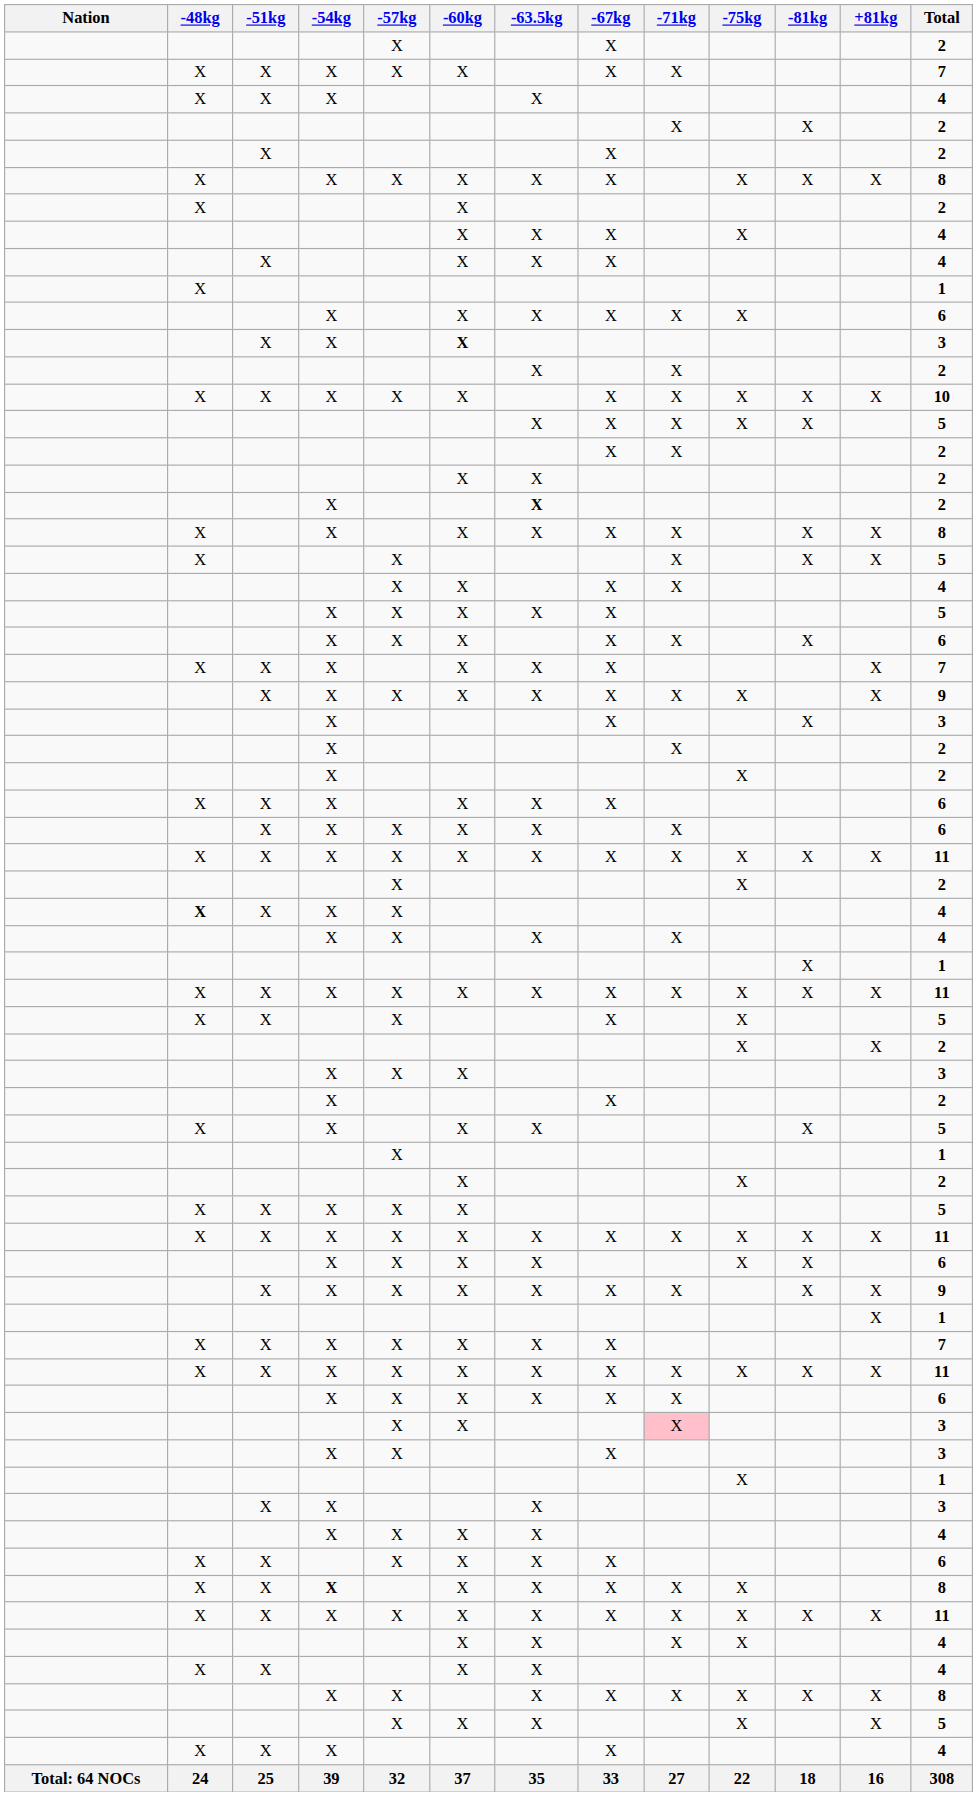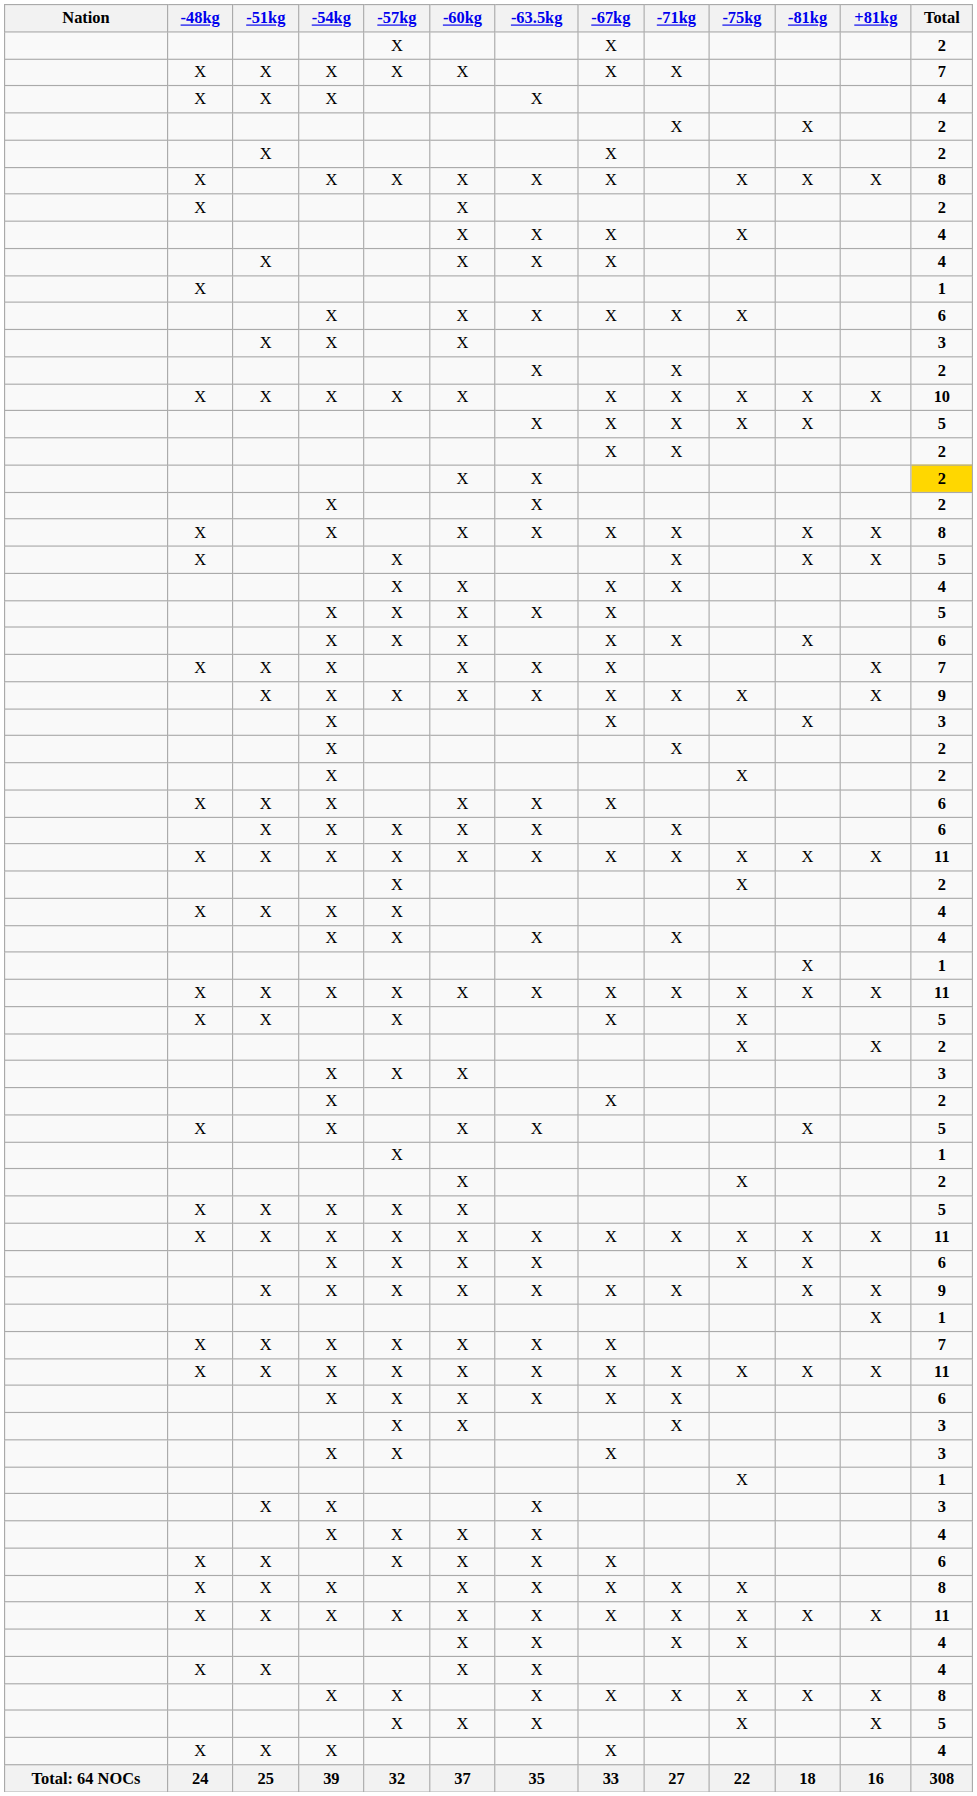 <table class="wikitable collapsible sortable" width=850  style="text-align:center; font-size:90%">
 <tr>
 <th>Nation</th>
 <th><a href='#'>-48kg</a></th>
 <th><a href='#'>-51kg</a></th>
 <th><a href='#'>-54kg</a></th>
 <th><a href='#'>-57kg</a></th>
 <th><a href='#'>-60kg</a></th>
 <th><a href='#'>-63.5kg</a></th>
 <th><a href='#'>-67kg</a></th>
 <th><a href='#'>-71kg</a></th>
 <th><a href='#'>-75kg</a></th>
 <th><a href='#'>-81kg</a></th>
 <th><a href='#'>+81kg</a></th>
 <th>Total</th>
 </tr>
 <tr>
 <td align="left"></td>
 <td></td>
 <td></td>
 <td></td>
 <td>X</td>
 <td></td>
 <td></td>
 <td>X</td>
 <td></td>
 <td></td>
 <td></td>
 <td></td>
 <td><strong>2</strong></td>
 </tr>
 <tr>
 <td align="left"></td>
 <td>X</td>
 <td>X</td>
 <td>X</td>
 <td>X</td>
 <td>X</td>
 <td></td>
 <td>X</td>
 <td>X</td>
 <td></td>
 <td></td>
 <td></td>
 <td><strong>7</strong></td>
 </tr>
 <tr>
 <td align="left"></td>
 <td>X</td>
 <td>X</td>
 <td>X</td>
 <td></td>
 <td></td>
 <td>X</td>
 <td></td>
 <td></td>
 <td></td>
 <td></td>
 <td></td>
 <td><strong>4</strong></td>
 </tr>
 <tr>
 <td align="left"></td>
 <td></td>
 <td></td>
 <td></td>
 <td></td>
 <td></td>
 <td></td>
 <td></td>
 <td>X</td>
 <td></td>
 <td>X</td>
 <td></td>
 <td><strong>2</strong></td>
 </tr>
 <tr>
 <td align="left"></td>
 <td></td>
 <td>X</td>
 <td></td>
 <td></td>
 <td></td>
 <td></td>
 <td>X</td>
 <td></td>
 <td></td>
 <td></td>
 <td></td>
 <td><strong>2</strong></td>
 </tr>
 <tr>
 <td align="left"></td>
 <td>X</td>
 <td></td>
 <td>X</td>
 <td>X</td>
 <td>X</td>
 <td>X</td>
 <td>X</td>
 <td></td>
 <td>X</td>
 <td>X</td>
 <td>X</td>
 <td><strong>8</strong></td>
 </tr>
 <tr>
 <td align="left"></td>
 <td>X</td>
 <td></td>
 <td></td>
 <td></td>
 <td>X</td>
 <td></td>
 <td></td>
 <td></td>
 <td></td>
 <td></td>
 <td></td>
 <td><strong>2</strong></td>
 </tr>
 <tr>
 <td align="left"></td>
 <td></td>
 <td></td>
 <td></td>
 <td></td>
 <td>X</td>
 <td>X</td>
 <td>X</td>
 <td></td>
 <td>X</td>
 <td></td>
 <td></td>
 <td><strong>4</strong></td>
 </tr>
 <tr>
 <td align="left"></td>
 <td></td>
 <td>X</td>
 <td></td>
 <td></td>
 <td>X</td>
 <td>X</td>
 <td>X</td>
 <td></td>
 <td></td>
 <td></td>
 <td></td>
 <td><strong>4</strong></td>
 </tr>
 <tr>
 <td align="left"></td>
 <td>X</td>
 <td></td>
 <td></td>
 <td></td>
 <td></td>
 <td></td>
 <td></td>
 <td></td>
 <td></td>
 <td></td>
 <td></td>
 <td><strong>1</strong></td>
 </tr>
 <tr>
 <td align="left"></td>
 <td></td>
 <td></td>
 <td>X</td>
 <td></td>
 <td>X</td>
 <td>X</td>
 <td>X</td>
 <td>X</td>
 <td>X</td>
 <td></td>
 <td></td>
 <td><strong>6</strong></td>
 </tr>
 <tr>
 <td align="left"></td>
 <td></td>
 <td>X</td>
 <td>X</td>
 <td></td>
-<td><strong>X</strong></td>
+<td>X</td>
 <td></td>
 <td></td>
 <td></td>
 <td></td>
 <td></td>
 <td></td>
 <td><strong>3</strong></td>
 </tr>
 <tr>
 <td align="left"></td>
 <td></td>
 <td></td>
 <td></td>
 <td></td>
 <td></td>
 <td>X</td>
 <td></td>
 <td>X</td>
 <td></td>
 <td></td>
 <td></td>
 <td><strong>2</strong></td>
 </tr>
 <tr>
 <td align="left"></td>
 <td>X</td>
 <td>X</td>
 <td>X</td>
 <td>X</td>
 <td>X</td>
 <td></td>
 <td>X</td>
 <td>X</td>
 <td>X</td>
 <td>X</td>
 <td>X</td>
 <td><strong>10</strong></td>
 </tr>
 <tr>
 <td align="left"></td>
 <td></td>
 <td></td>
 <td></td>
 <td></td>
 <td></td>
 <td>X</td>
 <td>X</td>
 <td>X</td>
 <td>X</td>
 <td>X</td>
 <td></td>
 <td><strong>5</strong></td>
 </tr>
 <tr>
 <td align="left"></td>
 <td></td>
 <td></td>
 <td></td>
 <td></td>
 <td></td>
 <td></td>
 <td>X</td>
 <td>X</td>
 <td></td>
 <td></td>
 <td></td>
 <td><strong>2</strong></td>
 </tr>
 <tr>
 <td align="left"></td>
 <td></td>
 <td></td>
 <td></td>
 <td></td>
 <td>X</td>
 <td>X</td>
 <td></td>
 <td></td>
 <td></td>
 <td></td>
 <td></td>
-<td><strong>2</strong></td>
+<td style="background: gold;"><strong>2</strong></td>
 </tr>
 <tr>
 <td align="left"></td>
 <td></td>
 <td></td>
 <td>X</td>
 <td></td>
 <td></td>
-<td><strong>X</strong></td>
+<td>X</td>
 <td></td>
 <td></td>
 <td></td>
 <td></td>
 <td></td>
 <td><strong>2</strong></td>
 </tr>
 <tr>
 <td align="left"></td>
 <td>X</td>
 <td></td>
 <td>X</td>
 <td></td>
 <td>X</td>
 <td>X</td>
 <td>X</td>
 <td>X</td>
 <td></td>
 <td>X</td>
 <td>X</td>
 <td><strong>8</strong></td>
 </tr>
 <tr>
 <td align="left"></td>
 <td>X</td>
 <td></td>
 <td></td>
 <td>X</td>
 <td></td>
 <td></td>
 <td></td>
 <td>X</td>
 <td></td>
 <td>X</td>
 <td>X</td>
 <td><strong>5</strong></td>
 </tr>
 <tr>
 <td align="left"></td>
 <td></td>
 <td></td>
 <td></td>
 <td>X</td>
 <td>X</td>
 <td></td>
 <td>X</td>
 <td>X</td>
 <td></td>
 <td></td>
 <td></td>
 <td><strong>4</strong></td>
 </tr>
 <tr>
 <td align="left"></td>
 <td></td>
 <td></td>
 <td>X</td>
 <td>X</td>
 <td>X</td>
 <td>X</td>
 <td>X</td>
 <td></td>
 <td></td>
 <td></td>
 <td></td>
 <td><strong>5</strong></td>
 </tr>
 <tr>
 <td align="left"></td>
 <td></td>
 <td></td>
 <td>X</td>
 <td>X</td>
 <td>X</td>
 <td></td>
 <td>X</td>
 <td>X</td>
 <td></td>
 <td>X</td>
 <td></td>
 <td><strong>6</strong></td>
 </tr>
 <tr>
 <td align="left"></td>
 <td>X</td>
 <td>X</td>
 <td>X</td>
 <td></td>
 <td>X</td>
 <td>X</td>
 <td>X</td>
 <td></td>
 <td></td>
 <td></td>
 <td>X</td>
 <td><strong>7</strong></td>
 </tr>
 <tr>
 <td align="left"></td>
 <td></td>
 <td>X</td>
 <td>X</td>
 <td>X</td>
 <td>X</td>
 <td>X</td>
 <td>X</td>
 <td>X</td>
 <td>X</td>
 <td></td>
 <td>X</td>
 <td><strong>9</strong></td>
 </tr>
 <tr>
 <td align="left"></td>
 <td></td>
 <td></td>
 <td>X</td>
 <td></td>
 <td></td>
 <td></td>
 <td>X</td>
 <td></td>
 <td></td>
 <td>X</td>
 <td></td>
 <td><strong>3</strong></td>
 </tr>
 <tr>
 <td align="left"></td>
 <td></td>
 <td></td>
 <td>X</td>
 <td></td>
 <td></td>
 <td></td>
 <td></td>
 <td>X</td>
 <td></td>
 <td></td>
 <td></td>
 <td><strong>2</strong></td>
 </tr>
 <tr>
 <td align="left"></td>
 <td></td>
 <td></td>
 <td>X</td>
 <td></td>
 <td></td>
 <td></td>
 <td></td>
 <td></td>
 <td>X</td>
 <td></td>
 <td></td>
 <td><strong>2</strong></td>
 </tr>
 <tr>
 <td align="left"></td>
 <td>X</td>
 <td>X</td>
 <td>X</td>
 <td></td>
 <td>X</td>
 <td>X</td>
 <td>X</td>
 <td></td>
 <td></td>
 <td></td>
 <td></td>
 <td><strong>6</strong></td>
 </tr>
 <tr>
 <td align="left"></td>
 <td></td>
 <td>X</td>
 <td>X</td>
 <td>X</td>
 <td>X</td>
 <td>X</td>
 <td></td>
 <td>X</td>
 <td></td>
 <td></td>
 <td></td>
 <td><strong>6</strong></td>
 </tr>
 <tr>
 <td align="left"></td>
 <td>X</td>
 <td>X</td>
 <td>X</td>
 <td>X</td>
 <td>X</td>
 <td>X</td>
 <td>X</td>
 <td>X</td>
 <td>X</td>
 <td>X</td>
 <td>X</td>
 <td><strong>11</strong></td>
 </tr>
 <tr>
 <td align="left"></td>
 <td></td>
 <td></td>
 <td></td>
 <td>X</td>
 <td></td>
 <td></td>
 <td></td>
 <td></td>
 <td>X</td>
 <td></td>
 <td></td>
 <td><strong>2</strong></td>
 </tr>
 <tr>
 <td align="left"></td>
-<td><strong>X</strong></td>
+<td>X</td>
 <td>X</td>
 <td>X</td>
 <td>X</td>
 <td></td>
 <td></td>
 <td></td>
 <td></td>
 <td></td>
 <td></td>
 <td></td>
 <td><strong>4</strong></td>
 </tr>
 <tr>
 <td align="left"></td>
 <td></td>
 <td></td>
 <td>X</td>
 <td>X</td>
 <td></td>
 <td>X</td>
 <td></td>
 <td>X</td>
 <td></td>
 <td></td>
 <td></td>
 <td><strong>4</strong></td>
 </tr>
 <tr>
 <td align="left"></td>
 <td></td>
 <td></td>
 <td></td>
 <td></td>
 <td></td>
 <td></td>
 <td></td>
 <td></td>
 <td></td>
 <td>X</td>
 <td></td>
 <td><strong>1</strong></td>
 </tr>
 <tr>
 <td align="left"></td>
 <td>X</td>
 <td>X</td>
 <td>X</td>
 <td>X</td>
 <td>X</td>
 <td>X</td>
 <td>X</td>
 <td>X</td>
 <td>X</td>
 <td>X</td>
 <td>X</td>
 <td><strong>11</strong></td>
 </tr>
 <tr>
 <td align="left"></td>
 <td>X</td>
 <td>X</td>
 <td></td>
 <td>X</td>
 <td></td>
 <td></td>
 <td>X</td>
 <td></td>
 <td>X</td>
 <td></td>
 <td></td>
 <td><strong>5</strong></td>
 </tr>
 <tr>
 <td align="left"></td>
 <td></td>
 <td></td>
 <td></td>
 <td></td>
 <td></td>
 <td></td>
 <td></td>
 <td></td>
 <td>X</td>
 <td></td>
 <td>X</td>
 <td><strong>2</strong></td>
 </tr>
 <tr>
 <td align="left"></td>
 <td></td>
 <td></td>
 <td>X</td>
 <td>X</td>
 <td>X</td>
 <td></td>
 <td></td>
 <td></td>
 <td></td>
 <td></td>
 <td></td>
 <td><strong>3</strong></td>
 </tr>
 <tr>
 <td align="left"></td>
 <td></td>
 <td></td>
 <td>X</td>
 <td></td>
 <td></td>
 <td></td>
 <td>X</td>
 <td></td>
 <td></td>
 <td></td>
 <td></td>
 <td><strong>2</strong></td>
 </tr>
 <tr>
 <td align="left"></td>
 <td>X</td>
 <td></td>
 <td>X</td>
 <td></td>
 <td>X</td>
 <td>X</td>
 <td></td>
 <td></td>
 <td></td>
 <td>X</td>
 <td></td>
 <td><strong>5</strong></td>
 </tr>
 <tr>
 <td align="left"></td>
 <td></td>
 <td></td>
 <td></td>
 <td>X</td>
 <td></td>
 <td></td>
 <td></td>
 <td></td>
 <td></td>
 <td></td>
 <td></td>
 <td><strong>1</strong></td>
 </tr>
 <tr>
 <td align="left"></td>
 <td></td>
 <td></td>
 <td></td>
 <td></td>
 <td>X</td>
 <td></td>
 <td></td>
 <td></td>
 <td>X</td>
 <td></td>
 <td></td>
 <td><strong>2</strong></td>
 </tr>
 <tr>
 <td align="left"></td>
 <td>X</td>
 <td>X</td>
 <td>X</td>
 <td>X</td>
 <td>X</td>
 <td></td>
 <td></td>
 <td></td>
 <td></td>
 <td></td>
 <td></td>
 <td><strong>5</strong></td>
 </tr>
 <tr>
 <td align="left"></td>
 <td>X</td>
 <td>X</td>
 <td>X</td>
 <td>X</td>
 <td>X</td>
 <td>X</td>
 <td>X</td>
 <td>X</td>
 <td>X</td>
 <td>X</td>
 <td>X</td>
 <td><strong>11</strong></td>
 </tr>
 <tr>
 <td align="left"></td>
 <td></td>
 <td></td>
 <td>X</td>
 <td>X</td>
 <td>X</td>
 <td>X</td>
 <td></td>
 <td></td>
 <td>X</td>
 <td>X</td>
 <td></td>
 <td><strong>6</strong></td>
 </tr>
 <tr>
 <td align="left"></td>
 <td></td>
 <td>X</td>
 <td>X</td>
 <td>X</td>
 <td>X</td>
 <td>X</td>
 <td>X</td>
 <td>X</td>
 <td></td>
 <td>X</td>
 <td>X</td>
 <td><strong>9</strong></td>
 </tr>
 <tr>
 <td align="left"></td>
 <td></td>
 <td></td>
 <td></td>
 <td></td>
 <td></td>
 <td></td>
 <td></td>
 <td></td>
 <td></td>
 <td></td>
 <td>X</td>
 <td><strong>1</strong></td>
 </tr>
 <tr>
 <td align="left"></td>
 <td>X</td>
 <td>X</td>
 <td>X</td>
 <td>X</td>
 <td>X</td>
 <td>X</td>
 <td>X</td>
 <td></td>
 <td></td>
 <td></td>
 <td></td>
 <td><strong>7</strong></td>
 </tr>
 <tr>
 <td align="left"></td>
 <td>X</td>
 <td>X</td>
 <td>X</td>
 <td>X</td>
 <td>X</td>
 <td>X</td>
 <td>X</td>
 <td>X</td>
 <td>X</td>
 <td>X</td>
 <td>X</td>
 <td><strong>11</strong></td>
 </tr>
 <tr>
 <td align="left"></td>
 <td></td>
 <td></td>
 <td>X</td>
 <td>X</td>
 <td>X</td>
 <td>X</td>
 <td>X</td>
 <td>X</td>
 <td></td>
 <td></td>
 <td></td>
 <td><strong>6</strong></td>
 </tr>
 <tr>
 <td align="left"></td>
 <td></td>
 <td></td>
 <td></td>
 <td>X</td>
 <td>X</td>
 <td></td>
 <td></td>
-<td style="background: pink;">X</td>
+<td>X</td>
 <td></td>
 <td></td>
 <td></td>
 <td><strong>3</strong></td>
 </tr>
 <tr>
 <td align="left"></td>
 <td></td>
 <td></td>
 <td>X</td>
 <td>X</td>
 <td></td>
 <td></td>
 <td>X</td>
 <td></td>
 <td></td>
 <td></td>
 <td></td>
 <td><strong>3</strong></td>
 </tr>
 <tr>
 <td align="left"></td>
 <td></td>
 <td></td>
 <td></td>
 <td></td>
 <td></td>
 <td></td>
 <td></td>
 <td></td>
 <td>X</td>
 <td></td>
 <td></td>
 <td><strong>1</strong></td>
 </tr>
 <tr>
 <td align="left"></td>
 <td></td>
 <td>X</td>
 <td>X</td>
 <td></td>
 <td></td>
 <td>X</td>
 <td></td>
 <td></td>
 <td></td>
 <td></td>
 <td></td>
 <td><strong>3</strong></td>
 </tr>
 <tr>
 <td align="left"></td>
 <td></td>
 <td></td>
 <td>X</td>
 <td>X</td>
 <td>X</td>
 <td>X</td>
 <td></td>
 <td></td>
 <td></td>
 <td></td>
 <td></td>
 <td><strong>4</strong></td>
 </tr>
 <tr>
 <td align="left"></td>
 <td>X</td>
 <td>X</td>
 <td></td>
 <td>X</td>
 <td>X</td>
 <td>X</td>
 <td>X</td>
 <td></td>
 <td></td>
 <td></td>
 <td></td>
 <td><strong>6</strong></td>
 </tr>
 <tr>
 <td align="left"></td>
 <td>X</td>
 <td>X</td>
-<td><strong>X</strong></td>
+<td>X</td>
 <td></td>
 <td>X</td>
 <td>X</td>
 <td>X</td>
 <td>X</td>
 <td>X</td>
 <td></td>
 <td></td>
 <td><strong>8</strong></td>
 </tr>
 <tr>
 <td align="left"></td>
 <td>X</td>
 <td>X</td>
 <td>X</td>
 <td>X</td>
 <td>X</td>
 <td>X</td>
 <td>X</td>
 <td>X</td>
 <td>X</td>
 <td>X</td>
 <td>X</td>
 <td><strong>11</strong></td>
 </tr>
 <tr>
 <td align="left"></td>
 <td></td>
 <td></td>
 <td></td>
 <td></td>
 <td>X</td>
 <td>X</td>
 <td></td>
 <td>X</td>
 <td>X</td>
 <td></td>
 <td></td>
 <td><strong>4</strong></td>
 </tr>
 <tr>
 <td align="left"></td>
 <td>X</td>
 <td>X</td>
 <td></td>
 <td></td>
 <td>X</td>
 <td>X</td>
 <td></td>
 <td></td>
 <td></td>
 <td></td>
 <td></td>
 <td><strong>4</strong></td>
 </tr>
 <tr>
 <td align="left"></td>
 <td></td>
 <td></td>
 <td>X</td>
 <td>X</td>
 <td></td>
 <td>X</td>
 <td>X</td>
 <td>X</td>
 <td>X</td>
 <td>X</td>
 <td>X</td>
 <td><strong>8</strong></td>
 </tr>
 <tr>
 <td align="left"></td>
 <td></td>
 <td></td>
 <td></td>
 <td>X</td>
 <td>X</td>
 <td>X</td>
 <td></td>
 <td></td>
 <td>X</td>
 <td></td>
 <td>X</td>
 <td><strong>5</strong></td>
 </tr>
 <tr>
 <td align="left"></td>
 <td>X</td>
 <td>X</td>
 <td>X</td>
 <td></td>
 <td></td>
 <td></td>
 <td>X</td>
 <td></td>
 <td></td>
 <td></td>
 <td></td>
 <td><strong>4</strong></td>
 </tr>
 <tr class="sortbottom">
 <th>Total: 64 NOCs</th>
 <th>24</th>
 <th>25</th>
 <th>39</th>
 <th>32</th>
 <th>37</th>
 <th>35</th>
 <th>33</th>
 <th>27</th>
 <th>22</th>
 <th>18</th>
 <th>16</th>
 <th>308</th>
 </tr>
 </table>
